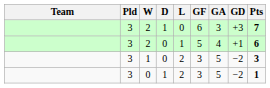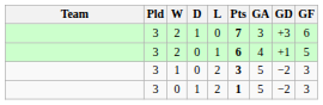 <table class="wikitable" style="text-align:center;">
 <tr>
 <th width=180>Team</th>
 <th width=20>Pld</th>
 <th width=20>W</th>
 <th width=20>D</th>
 <th width=20>L</th>
-<th width=20>GF</th>
+<th width=20>Pts</th>
 <th width=20>GA</th>
 <th width=20>GD</th>
-<th width=20>Pts</th>
+<th width=20>GF</th>
 </tr>
 <tr align=center style="background:#ccffcc;">
 <td style="text-align:left;"></td>
 <td>3</td>
 <td>2</td>
 <td>1</td>
 <td>0</td>
-<td>6</td>
+<td><strong>7</strong></td>
 <td>3</td>
 <td>+3</td>
-<td><strong>7</strong></td>
+<td>6</td>
 </tr>
 <tr align=center style="background:#ccffcc;">
 <td style="text-align:left;"></td>
 <td>3</td>
 <td>2</td>
 <td>0</td>
 <td>1</td>
-<td>5</td>
+<td><strong>6</strong></td>
 <td>4</td>
 <td>+1</td>
-<td><strong>6</strong></td>
+<td>5</td>
 </tr>
 <tr align=center>
 <td style="text-align:left;"></td>
 <td>3</td>
 <td>1</td>
 <td>0</td>
 <td>2</td>
-<td>3</td>
+<td><strong>3</strong></td>
 <td>5</td>
 <td>−2</td>
-<td><strong>3</strong></td>
+<td>3</td>
 </tr>
 <tr align=center>
 <td style="text-align:left;"></td>
 <td>3</td>
 <td>0</td>
 <td>1</td>
 <td>2</td>
-<td>3</td>
+<td><strong>1</strong></td>
 <td>5</td>
 <td>−2</td>
-<td><strong>1</strong></td>
+<td>3</td>
 </tr>
 </table>
